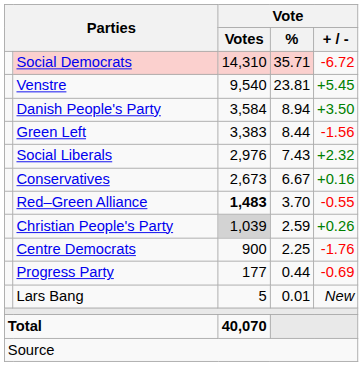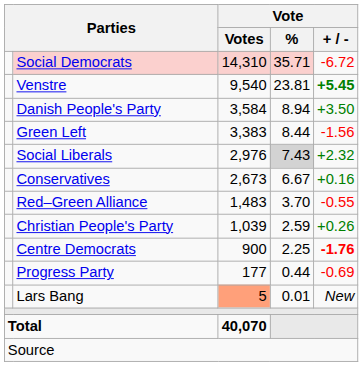 <table class="wikitable" style="text-align:right;">
 <tr>
 <th style="text-align:centre;" rowspan="2" colspan="2" width="225">Parties</th>
 <th colspan="3">Vote</th>
 </tr>
 <tr>
 <th width="15">Votes</th>
 <th width="15">%</th>
 <th width="15">+ / -</th>
 </tr>
 <tr>
 <td width="2" style="color:inherit;background:"></td>
 <td bgcolor=#fbd0ce  align="left"><a href='#'>Social Democrats</a></td>
 <td bgcolor=#fbd0ce>14,310</td>
 <td bgcolor=#fbd0ce>35.71</td>
 <td style=color:red;>-6.72</td>
 </tr>
 <tr>
 <td width="2" style="color:inherit;background:"></td>
 <td align="left"><a href='#'>Venstre</a></td>
 <td>9,540</td>
 <td>23.81</td>
-<td style=color:green;>+5.45</td>
+<td style=color:green;><strong>+5.45</strong></td>
 </tr>
 <tr>
 <td width="2" style="color:inherit;background:"></td>
 <td align="left"><a href='#'>Danish People's Party</a></td>
 <td>3,584</td>
 <td>8.94</td>
 <td style=color:green;>+3.50</td>
 </tr>
 <tr>
 <td width="2" style="color:inherit;background:"></td>
 <td align="left"><a href='#'>Green Left</a></td>
 <td>3,383</td>
 <td>8.44</td>
 <td style=color:red;>-1.56</td>
 </tr>
 <tr>
 <td width="2" style="color:inherit;background:"></td>
 <td align="left"><a href='#'>Social Liberals</a></td>
 <td>2,976</td>
-<td>7.43</td>
+<td style="background: lightgrey;">7.43</td>
 <td style=color:green;>+2.32</td>
 </tr>
 <tr>
 <td width="2" style="color:inherit;background:"></td>
 <td align="left"><a href='#'>Conservatives</a></td>
 <td>2,673</td>
 <td>6.67</td>
 <td style=color:green;>+0.16</td>
 </tr>
 <tr>
 <td width="2" style="color:inherit;background:"></td>
 <td align="left"><a href='#'>Red–Green Alliance</a></td>
-<td><strong>1,483</strong></td>
+<td>1,483</td>
 <td>3.70</td>
 <td style=color:red;>-0.55</td>
 </tr>
 <tr>
 <td width="2" style="color:inherit;background:"></td>
 <td align="left"><a href='#'>Christian People's Party</a></td>
-<td style="background: lightgrey;">1,039</td>
+<td>1,039</td>
 <td>2.59</td>
 <td style=color:green;>+0.26</td>
 </tr>
 <tr>
 <td width="2" style="color:inherit;background:"></td>
 <td align="left"><a href='#'>Centre Democrats</a></td>
 <td>900</td>
 <td>2.25</td>
-<td style=color:red;>-1.76</td>
+<td style=color:red;><strong>-1.76</strong></td>
 </tr>
 <tr>
 <td width="2" style="color:inherit;background:"></td>
 <td align="left"><a href='#'>Progress Party</a></td>
 <td>177</td>
 <td>0.44</td>
 <td style=color:red;>-0.69</td>
 </tr>
 <tr>
 <td width="2" style="color:inherit;background:"></td>
 <td align="left">Lars Bang</td>
-<td>5</td>
+<td style="background: lightsalmon;">5</td>
 <td>0.01</td>
 <td><em>New</em></td>
 </tr>
 <tr>
 <td colspan="7" bgcolor="#E9E9E9"></td>
 </tr>
 <tr>
 <td align="left" colspan="2"><strong>Total</strong></td>
 <td><strong>40,070</strong></td>
 <td bgcolor="#E9E9E9" colspan="2"></td>
 </tr>
 <tr>
 <td align="left" colspan="6">Source</td>
 </tr>
 </table>
